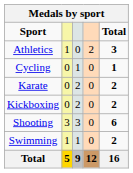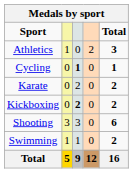 <table class="wikitable" style="font-size:85%">
 <tr style="background:#efefef;">
 <th colspan=7><strong>Medals by sport</strong></th>
 </tr>
 <tr align=center>
 <td><strong>Sport</strong></td>
 <td bgcolor=#f7f6a8></td>
 <td bgcolor=#dce5e5></td>
 <td bgcolor=#ffdab9></td>
 <td><strong>Total</strong></td>
 </tr>
 <tr align=center>
 <td><a href='#'>Athletics</a></td>
 <td style="background:#F7F6A8;">1</td>
 <td style="background:#DCE5E5;">0</td>
 <td style="background:#FFDAB9;">2</td>
 <td><strong>3</strong></td>
 </tr>
 <tr align=center>
 <td><a href='#'>Cycling</a></td>
 <td style="background:#F7F6A8;">0</td>
-<td style="background:#DCE5E5;">1</td>
+<td style="background:#DCE5E5;"><strong>1</strong></td>
 <td style="background:#FFDAB9;">0</td>
 <td><strong>1</strong></td>
 </tr>
 <tr align=center>
 <td><a href='#'>Karate</a></td>
 <td style="background:#F7F6A8;">0</td>
 <td style="background:#DCE5E5;">2</td>
 <td style="background:#FFDAB9;">0</td>
 <td><strong>2</strong></td>
 </tr>
 <tr align=center>
 <td><a href='#'>Kickboxing</a></td>
 <td style="background:#F7F6A8;">0</td>
-<td style="background:#DCE5E5;">2</td>
+<td style="background:#DCE5E5;"><strong>2</strong></td>
 <td style="background:#FFDAB9;">0</td>
 <td><strong>2</strong></td>
 </tr>
 <tr align=center>
 <td><a href='#'>Shooting</a></td>
 <td style="background:#F7F6A8;">3</td>
 <td style="background:#DCE5E5;">3</td>
 <td style="background:#FFDAB9;">0</td>
 <td><strong>6</strong></td>
 </tr>
 <tr align=center>
 <td><a href='#'>Swimming</a></td>
 <td style="background:#F7F6A8;">1</td>
 <td style="background:#DCE5E5;">1</td>
 <td style="background:#FFDAB9;">0</td>
 <td><strong>2</strong></td>
 </tr>
 <tr align=center>
 <th><strong>Total</strong></th>
 <th style="background:gold;"><strong>5</strong></th>
 <th style="background:silver;"><strong>9</strong></th>
 <th style="background:#c96;"><strong>12</strong></th>
 <th><strong>16</strong></th>
 </tr>
 </table>
